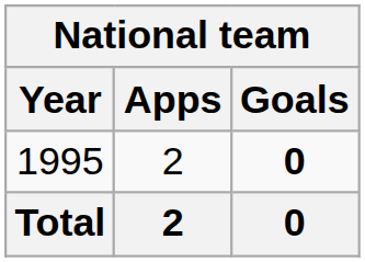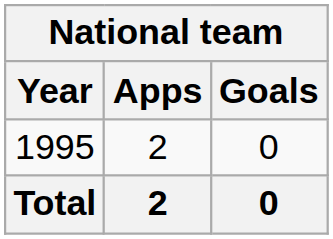 <table class="wikitable" style="text-align:center">
 <tr>
 <th colspan=3>National team</th>
 </tr>
 <tr>
 <th>Year</th>
 <th>Apps</th>
 <th>Goals</th>
 </tr>
 <tr>
 <td>1995</td>
 <td>2</td>
-<td><strong>0</strong></td>
+<td>0</td>
 </tr>
 <tr>
 <th>Total</th>
 <th>2</th>
 <th>0</th>
 </tr>
 </table>
